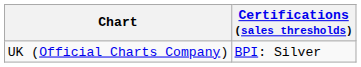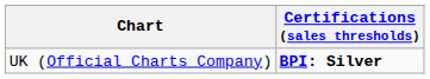 <table class="wikitable">
 <tr>
 <th>Chart</th>
 <th><a href='#'>Certifications</a><br><small>(<a href='#'>sales thresholds</a>)</small></th>
 </tr>
 <tr>
 <td>UK (<a href='#'>Official Charts Company</a>)</td>
-<td><a href='#'>BPI</a>: Silver</td>
+<td><strong><a href='#'>BPI</a>: Silver</strong></td>
 </tr>
 </table>
